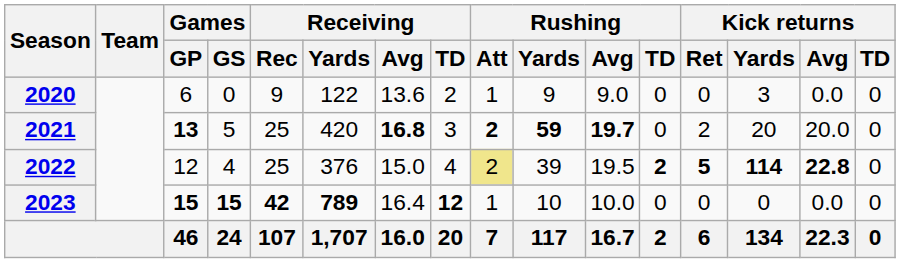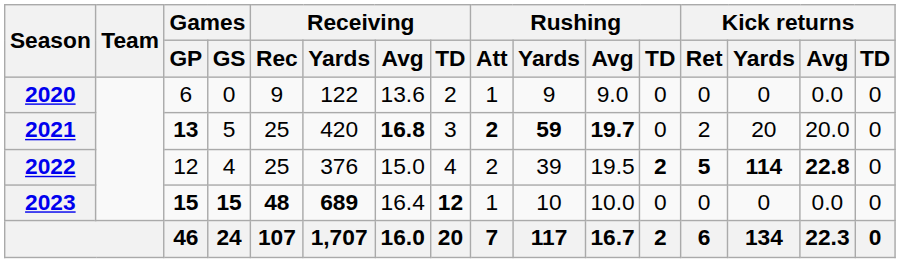 <table class="wikitable" style="text-align:center;">
 <tr>
 <th rowspan="2">Season</th>
 <th rowspan="2">Team</th>
 <th colspan="2">Games</th>
 <th colspan="4">Receiving</th>
 <th colspan="4">Rushing</th>
 <th colspan="4">Kick returns</th>
 </tr>
 <tr>
 <th>GP</th>
 <th>GS</th>
 <th>Rec</th>
 <th>Yards</th>
 <th>Avg</th>
 <th>TD</th>
 <th>Att</th>
 <th>Yards</th>
 <th>Avg</th>
 <th>TD</th>
 <th>Ret</th>
 <th>Yards</th>
 <th>Avg</th>
 <th>TD</th>
 </tr>
 <tr>
 <th><a href='#'>2020</a></th>
 <td rowspan="4"><a href='#'></a></td>
 <td>6</td>
 <td>0</td>
 <td>9</td>
 <td>122</td>
 <td>13.6</td>
 <td>2</td>
 <td>1</td>
 <td>9</td>
 <td>9.0</td>
 <td>0</td>
 <td>0</td>
-<td>3</td>
+<td>0</td>
 <td>0.0</td>
 <td>0</td>
 </tr>
 <tr>
 <th><a href='#'>2021</a></th>
 <td><strong>13</strong></td>
 <td>5</td>
 <td>25</td>
 <td>420</td>
 <td><strong>16.8</strong></td>
 <td>3</td>
 <td><strong>2</strong></td>
 <td><strong>59</strong></td>
 <td><strong>19.7</strong></td>
 <td>0</td>
 <td>2</td>
 <td>20</td>
 <td>20.0</td>
 <td>0</td>
 </tr>
 <tr>
 <th><a href='#'>2022</a></th>
 <td>12</td>
 <td>4</td>
 <td>25</td>
 <td>376</td>
 <td>15.0</td>
 <td>4</td>
-<td style="background: khaki;">2</td>
+<td>2</td>
 <td>39</td>
 <td>19.5</td>
 <td><strong>2</strong></td>
 <td><strong>5</strong></td>
 <td><strong>114</strong></td>
 <td><strong>22.8</strong></td>
 <td>0</td>
 </tr>
 <tr>
 <th><a href='#'>2023</a></th>
 <td><strong>15</strong></td>
 <td><strong>15</strong></td>
-<td><strong>42</strong></td>
-<td><strong>789</strong></td>
+<td><strong>48</strong></td>
+<td><strong>689</strong></td>
 <td>16.4</td>
 <td><strong>12</strong></td>
 <td>1</td>
 <td>10</td>
 <td>10.0</td>
 <td>0</td>
 <td>0</td>
 <td>0</td>
 <td>0.0</td>
 <td>0</td>
 </tr>
 <tr>
 <th colspan="2"></th>
 <th>46</th>
 <th>24</th>
 <th>107</th>
 <th>1,707</th>
 <th>16.0</th>
 <th>20</th>
 <th>7</th>
 <th>117</th>
 <th>16.7</th>
 <th>2</th>
 <th>6</th>
 <th>134</th>
 <th>22.3</th>
 <th>0</th>
 </tr>
 </table>
